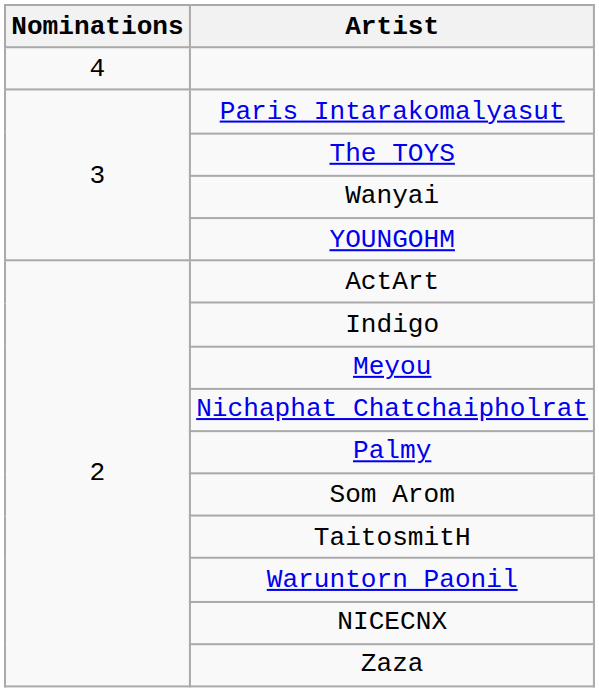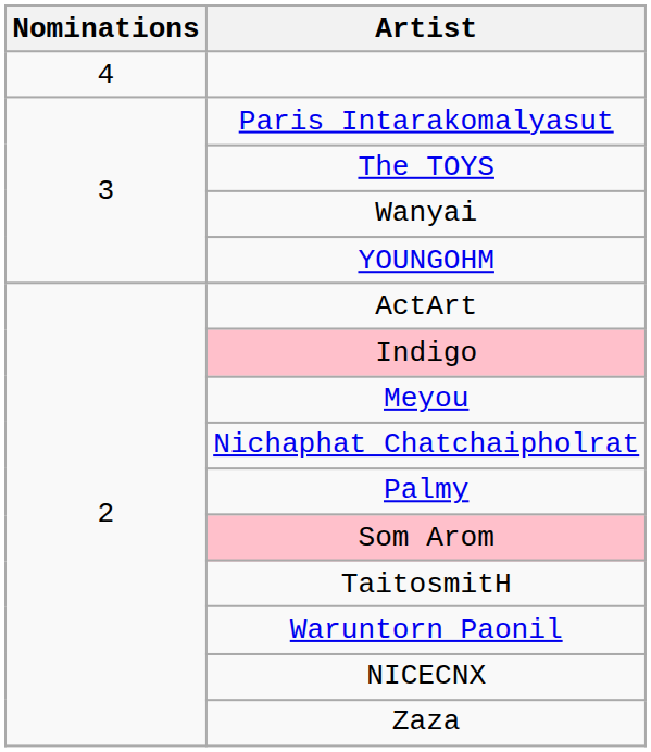 <table class="wikitable plainrowheaders" style="text-align:center;">
 <tr>
 <th scope="col" style="width:55px;">Nominations</th>
 <th scope="col" style="text-align:center;">Artist</th>
 </tr>
 <tr>
 <td scope=row style="text-align:center">4</td>
 <td></td>
 </tr>
 <tr>
 <td scope=row rowspan="4" style="text-align:center">3</td>
 <td><a href='#'>Paris Intarakomalyasut</a></td>
 </tr>
 <tr>
 <td><a href='#'>The TOYS</a></td>
 </tr>
 <tr>
 <td>Wanyai</td>
 </tr>
 <tr>
 <td><a href='#'>YOUNGOHM</a></td>
 </tr>
 <tr>
 <td scope=row rowspan="10" style="text-align:center">2</td>
 <td>ActArt</td>
 </tr>
 <tr>
-<td>Indigo</td>
+<td style="background: pink;">Indigo</td>
 </tr>
 <tr>
 <td><a href='#'>Meyou</a></td>
 </tr>
 <tr>
 <td><a href='#'>Nichaphat Chatchaipholrat</a></td>
 </tr>
 <tr>
 <td><a href='#'>Palmy</a></td>
 </tr>
 <tr>
-<td>Som Arom</td>
+<td style="background: pink;">Som Arom</td>
 </tr>
 <tr>
 <td>TaitosmitH</td>
 </tr>
 <tr>
 <td><a href='#'>Waruntorn Paonil</a></td>
 </tr>
 <tr>
 <td>NICECNX</td>
 </tr>
 <tr>
 <td>Zaza</td>
 </tr>
 </table>
